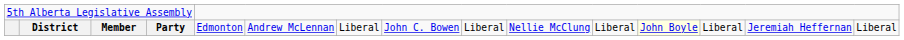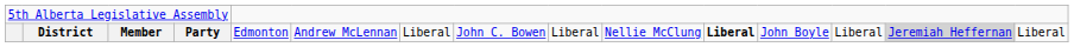 <table class="wikitable">
 <tr>
 <td colspan="4"><a href='#'>5th Alberta Legislative Assembly</a></td>
 </tr>
 <tr>
 <th> </th>
 <th>District</th>
 <th>Member</th>
 <th>Party<br></th>
 <td rowspan=5><a href='#'>Edmonton</a></td>
 <td><a href='#'>Andrew McLennan</a></td>
 <td>Liberal<br></td>
 <td><a href='#'>John C. Bowen</a></td>
 <td>Liberal<br></td>
 <td><a href='#'>Nellie McClung</a></td>
+<td><strong>Liberal<br></strong></td>
+<td><a href='#'>John Boyle</a></td>
 <td>Liberal<br></td>
-<td style="background: lightyellow;"><a href='#'>John Boyle</a></td>
-<td>Liberal<br></td>
-<td><a href='#'>Jeremiah Heffernan</a></td>
+<td style="background: lightgrey;"><a href='#'>Jeremiah Heffernan</a></td>
 <td>Liberal</td>
 </tr>
 </table>
